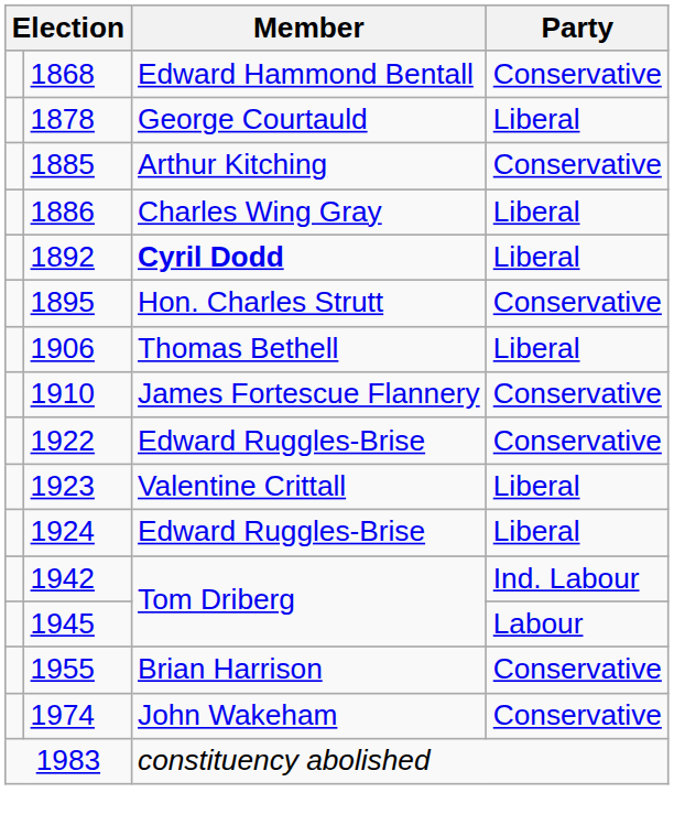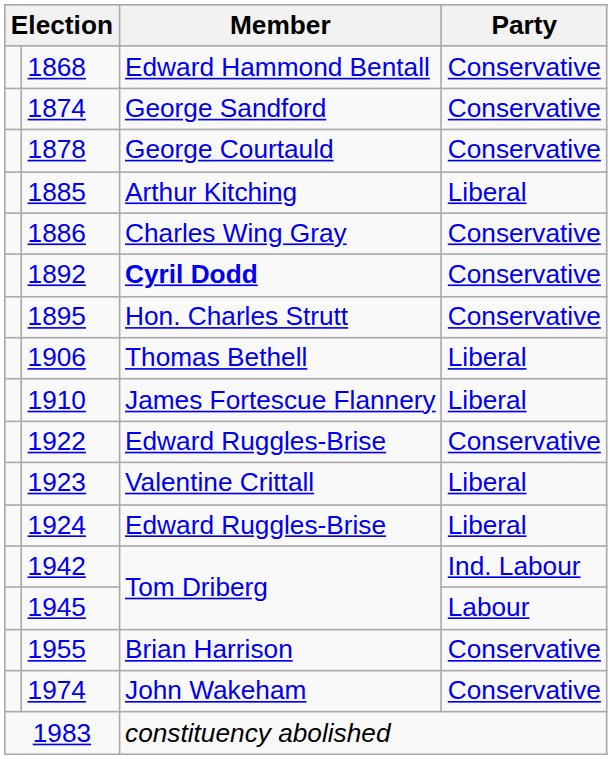 <table class="wikitable">
 <tr>
 <th colspan="2">Election</th>
 <th>Member</th>
 <th>Party</th>
 </tr>
 <tr>
 <td style="color:inherit;background-color: "></td>
 <td><a href='#'>1868</a></td>
 <td><a href='#'>Edward Hammond Bentall</a></td>
 <td><a href='#'>Conservative</a></td>
 </tr>
 <tr>
 <td style="color:inherit;background-color: "></td>
+<td><a href='#'>1874</a></td>
+<td><a href='#'>George Sandford</a></td>
+<td><a href='#'>Conservative</a></td>
+</tr>
+<tr>
+<td style="color:inherit;background-color: "></td>
 <td><a href='#'>1878</a></td>
 <td><a href='#'>George Courtauld</a></td>
-<td><a href='#'>Liberal</a></td>
+<td><a href='#'>Conservative</a></td>
 </tr>
 <tr>
 <td style="color:inherit;background-color: "></td>
 <td><a href='#'>1885</a></td>
 <td><a href='#'>Arthur Kitching</a></td>
-<td><a href='#'>Conservative</a></td>
+<td><a href='#'>Liberal</a></td>
 </tr>
 <tr>
 <td style="color:inherit;background-color: "></td>
 <td><a href='#'>1886</a></td>
 <td><a href='#'>Charles Wing Gray</a></td>
-<td><a href='#'>Liberal</a></td>
+<td><a href='#'>Conservative</a></td>
 </tr>
 <tr>
 <td style="color:inherit;background-color: "></td>
 <td><a href='#'>1892</a></td>
 <td><strong><a href='#'>Cyril Dodd</a></strong></td>
-<td><a href='#'>Liberal</a></td>
+<td><a href='#'>Conservative</a></td>
 </tr>
 <tr>
 <td style="color:inherit;background-color: "></td>
 <td><a href='#'>1895</a></td>
 <td><a href='#'>Hon. Charles Strutt</a></td>
 <td><a href='#'>Conservative</a></td>
 </tr>
 <tr>
 <td style="color:inherit;background-color: "></td>
 <td><a href='#'>1906</a></td>
 <td><a href='#'>Thomas Bethell</a></td>
 <td><a href='#'>Liberal</a></td>
 </tr>
 <tr>
 <td style="color:inherit;background-color: "></td>
 <td><a href='#'>1910</a></td>
 <td><a href='#'>James Fortescue Flannery</a></td>
-<td><a href='#'>Conservative</a></td>
+<td><a href='#'>Liberal</a></td>
 </tr>
 <tr>
 <td style="color:inherit;background-color: "></td>
 <td><a href='#'>1922</a></td>
 <td><a href='#'>Edward Ruggles-Brise</a></td>
 <td><a href='#'>Conservative</a></td>
 </tr>
 <tr>
 <td style="color:inherit;background-color: "></td>
 <td><a href='#'>1923</a></td>
 <td><a href='#'>Valentine Crittall</a></td>
 <td><a href='#'>Liberal</a></td>
 </tr>
 <tr>
 <td style="color:inherit;background-color: "></td>
 <td><a href='#'>1924</a></td>
 <td><a href='#'>Edward Ruggles-Brise</a></td>
 <td><a href='#'>Liberal</a></td>
 </tr>
 <tr>
 <td style="color:inherit;background-color: "></td>
 <td><a href='#'>1942</a></td>
 <td rowspan="2"><a href='#'>Tom Driberg</a></td>
 <td><a href='#'>Ind. Labour</a></td>
 </tr>
 <tr>
 <td style="color:inherit;background-color: "></td>
 <td><a href='#'>1945</a></td>
 <td><a href='#'>Labour</a></td>
 </tr>
 <tr>
 <td style="color:inherit;background-color: "></td>
 <td><a href='#'>1955</a></td>
 <td><a href='#'>Brian Harrison</a></td>
 <td><a href='#'>Conservative</a></td>
 </tr>
 <tr>
 <td style="color:inherit;background-color: "></td>
 <td><a href='#'>1974</a></td>
 <td><a href='#'>John Wakeham</a></td>
 <td><a href='#'>Conservative</a></td>
 </tr>
 <tr>
 <td colspan="2" align="center"><a href='#'>1983</a></td>
 <td colspan="2"><em>constituency abolished</em></td>
 </tr>
 </table>
